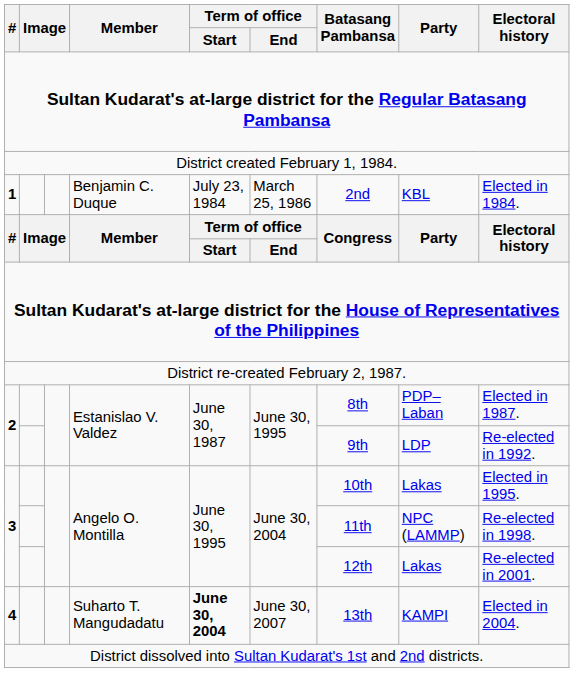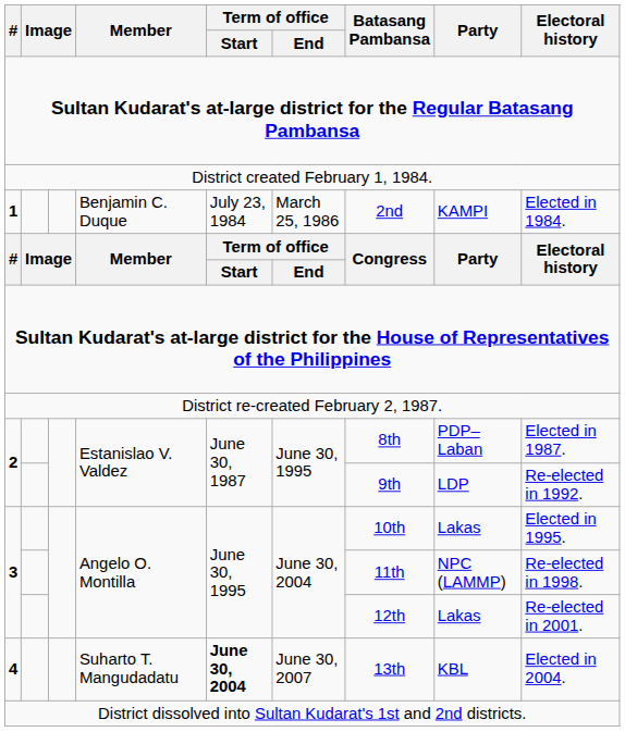 <table class=wikitable>
 <tr>
 <th rowspan="2">#</th>
 <th rowspan="2" colspan=2>Image</th>
 <th rowspan="2">Member</th>
 <th colspan=2>Term of office</th>
 <th rowspan="2">Batasang<br>Pambansa</th>
 <th rowspan="2">Party</th>
 <th rowspan="2">Electoral history</th>
 </tr>
 <tr>
 <th>Start</th>
 <th>End</th>
 </tr>
 <tr>
 <td colspan="9" style="text-align:center;"><br><h3>Sultan Kudarat's at-large district for the <a href='#'>Regular Batasang Pambansa</a></h3></td>
 </tr>
 <tr>
 <td colspan="9" style="text-align:center;">District created February 1, 1984.</td>
 </tr>
 <tr>
 <td style="text-align:center;"><strong>1</strong></td>
 <td style="color:inherit;background:"></td>
 <td></td>
 <td>Benjamin C. Duque</td>
 <td>July 23, 1984</td>
 <td>March 25, 1986</td>
 <td style="text-align:center;"><a href='#'>2nd</a></td>
-<td><a href='#'>KBL</a></td>
+<td><a href='#'>KAMPI</a></td>
 <td><a href='#'>Elected in 1984</a>.</td>
 </tr>
 <tr>
 <th rowspan="2">#</th>
 <th rowspan="2" colspan=2>Image</th>
 <th rowspan="2">Member</th>
 <th colspan=2>Term of office</th>
 <th rowspan="2">Congress</th>
 <th rowspan="2">Party</th>
 <th rowspan="2">Electoral history</th>
 </tr>
 <tr>
 <th>Start</th>
 <th>End</th>
 </tr>
 <tr>
 <td colspan="9" style="text-align:center;"><br><h3>Sultan Kudarat's at-large district for the <a href='#'>House of Representatives of the Philippines</a></h3></td>
 </tr>
 <tr>
 <td colspan="9" style="text-align:center;">District re-created February 2, 1987.</td>
 </tr>
 <tr>
 <td rowspan="2" style="text-align:center;"><strong>2</strong></td>
 <td style="color:inherit;background:"></td>
 <td rowspan="2"></td>
 <td rowspan="2">Estanislao V. Valdez</td>
 <td rowspan="2">June 30, 1987</td>
 <td rowspan="2">June 30, 1995</td>
 <td style="text-align:center;"><a href='#'>8th</a></td>
 <td><a href='#'>PDP–Laban</a></td>
 <td><a href='#'>Elected in 1987</a>.</td>
 </tr>
 <tr>
 <td style="color:inherit;background:"></td>
 <td style="text-align:center;"><a href='#'>9th</a></td>
 <td><a href='#'>LDP</a></td>
 <td><a href='#'>Re-elected in 1992</a>.</td>
 </tr>
 <tr>
 <td rowspan="3" style="text-align:center;"><strong>3</strong></td>
 <td style="color:inherit;background:"></td>
 <td rowspan="3"></td>
 <td rowspan="3">Angelo O. Montilla</td>
 <td rowspan="3">June 30, 1995</td>
 <td rowspan="3">June 30, 2004</td>
 <td style="text-align:center;"><a href='#'>10th</a></td>
 <td><a href='#'>Lakas</a></td>
 <td><a href='#'>Elected in 1995</a>.</td>
 </tr>
 <tr>
 <td style="color:inherit;background:"></td>
 <td style="text-align:center;"><a href='#'>11th</a></td>
 <td><a href='#'>NPC</a> (<a href='#'>LAMMP</a>)</td>
 <td><a href='#'>Re-elected in 1998</a>.</td>
 </tr>
 <tr>
 <td style="color:inherit;background:"></td>
 <td style="text-align:center;"><a href='#'>12th</a></td>
 <td><a href='#'>Lakas</a></td>
 <td><a href='#'>Re-elected in 2001</a>.</td>
 </tr>
 <tr>
 <td style="text-align:center;"><strong>4</strong></td>
 <td style="color:inherit;background:"></td>
 <td></td>
 <td>Suharto T. Mangudadatu</td>
 <td><strong>June 30, 2004</strong></td>
 <td>June 30, 2007</td>
 <td style="text-align:center;"><a href='#'>13th</a></td>
-<td><a href='#'>KAMPI</a></td>
+<td><a href='#'>KBL</a></td>
 <td><a href='#'>Elected in 2004</a>.</td>
 </tr>
 <tr>
 <td colspan="9" style="text-align:center;">District dissolved into <a href='#'>Sultan Kudarat's 1st</a> and <a href='#'>2nd</a> districts.</td>
 </tr>
 </table>
